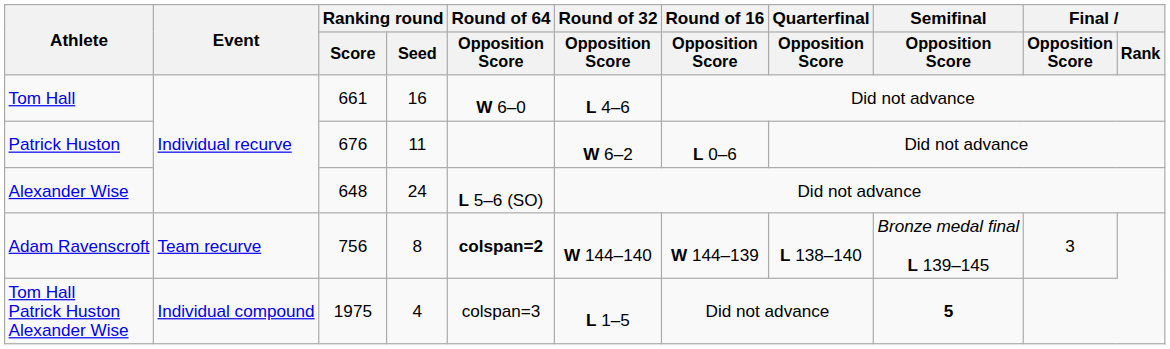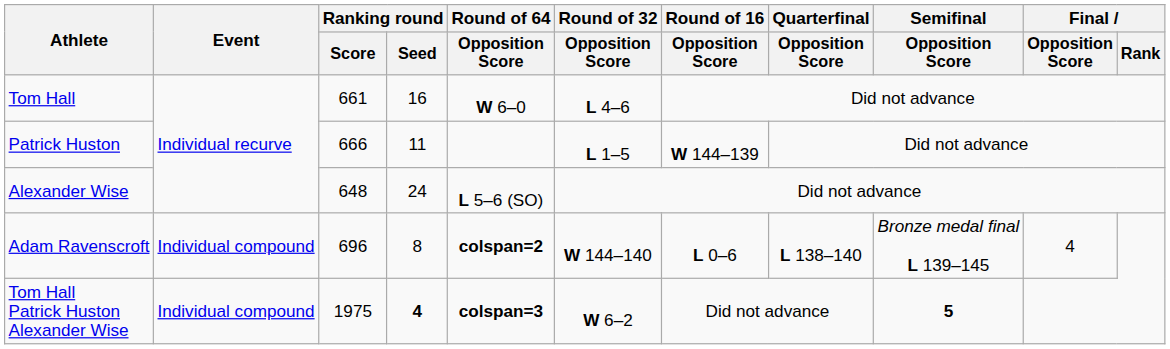 <table class=wikitable style=font-size:90%;text-align:center>
 <tr>
 <th rowspan=2>Athlete</th>
 <th rowspan=2>Event</th>
 <th colspan=2>Ranking round</th>
 <th>Round of 64</th>
 <th>Round of 32</th>
 <th>Round of 16</th>
 <th>Quarterfinal</th>
 <th>Semifinal</th>
 <th colspan=2>Final / </th>
 </tr>
 <tr style=font-size:95%>
 <th>Score</th>
 <th>Seed</th>
 <th>Opposition<br>Score</th>
 <th>Opposition<br>Score</th>
 <th>Opposition<br>Score</th>
 <th>Opposition<br>Score</th>
 <th>Opposition<br>Score</th>
 <th>Opposition<br>Score</th>
 <th>Rank</th>
 </tr>
 <tr>
 <td align=left><a href='#'>Tom Hall</a></td>
 <td align=left rowspan=3><a href='#'>Individual recurve</a></td>
 <td>661</td>
 <td>16</td>
 <td><br><strong>W</strong> 6–0</td>
 <td><br><strong>L</strong> 4–6</td>
 <td colspan=5>Did not advance</td>
 </tr>
 <tr>
 <td align=left><a href='#'>Patrick Huston</a></td>
-<td>676</td>
+<td>666</td>
 <td>11</td>
 <td></td>
-<td><br><strong>W</strong> 6–2</td>
-<td><br><strong>L</strong> 0–6</td>
+<td><br> <strong>L</strong> 1–5</td>
+<td><br><strong>W</strong> 144–139</td>
 <td colspan=4>Did not advance</td>
 </tr>
 <tr>
 <td align=left><a href='#'>Alexander Wise</a></td>
 <td>648</td>
 <td>24</td>
 <td><br> <strong>L</strong> 5–6 (SO)</td>
 <td colspan=6>Did not advance</td>
 </tr>
 <tr>
 <td align=left><a href='#'>Adam Ravenscroft</a></td>
-<td align=left><a href='#'>Team recurve</a></td>
-<td>756</td>
+<td align=left><a href='#'>Individual compound</a></td>
+<td>696</td>
 <td>8</td>
 <td><strong>colspan=2 </strong></td>
 <td><br><strong>W</strong> 144–140</td>
-<td><br><strong>W</strong> 144–139</td>
+<td><br><strong>L</strong> 0–6</td>
 <td><br><strong>L</strong> 138–140</td>
 <td><em>Bronze medal final</em><br><br><strong>L</strong> 139–145</td>
-<td>3</td>
+<td>4</td>
 </tr>
 <tr>
 <td align=left><a href='#'>Tom Hall</a><br><a href='#'>Patrick Huston</a><br><a href='#'>Alexander Wise</a></td>
 <td align=left><a href='#'>Individual compound</a></td>
 <td>1975</td>
-<td>4</td>
-<td>colspan=3 </td>
-<td><br> <strong>L</strong> 1–5</td>
+<td><strong>4</strong></td>
+<td><strong>colspan=3 </strong></td>
+<td><br><strong>W</strong> 6–2</td>
 <td colspan=2>Did not advance</td>
 <td><strong>5</strong></td>
 </tr>
 </table>
